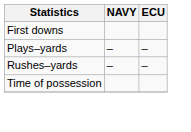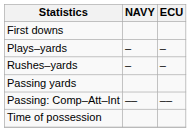 <table class="wikitable" style="float: left;">
 <tr>
 <th>Statistics</th>
 <th>NAVY</th>
 <th>ECU</th>
 </tr>
 <tr>
 <td>First downs</td>
 <td></td>
 <td></td>
 </tr>
 <tr>
 <td>Plays–yards</td>
 <td>–</td>
 <td>–</td>
 </tr>
 <tr>
 <td>Rushes–yards</td>
 <td>–</td>
 <td>–</td>
 </tr>
 <tr>
+<td>Passing yards</td>
+<td></td>
+<td></td>
+</tr>
+<tr>
+<td>Passing: Comp–Att–Int</td>
+<td>––</td>
+<td>––</td>
+</tr>
+<tr>
 <td>Time of possession</td>
 <td></td>
 <td></td>
 </tr>
 <tr>
 </tr>
 </table>
